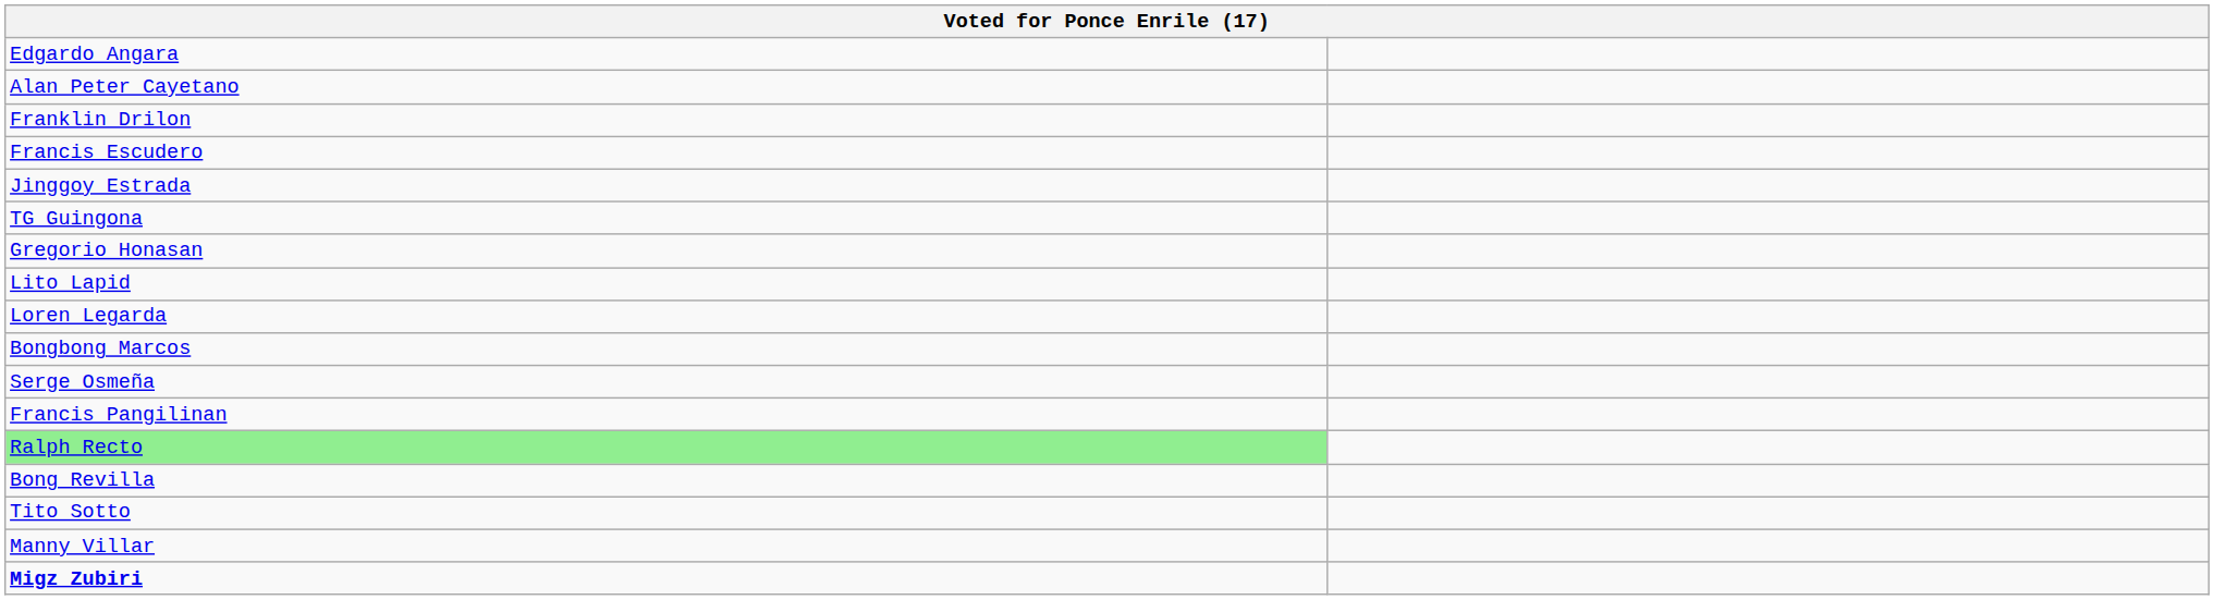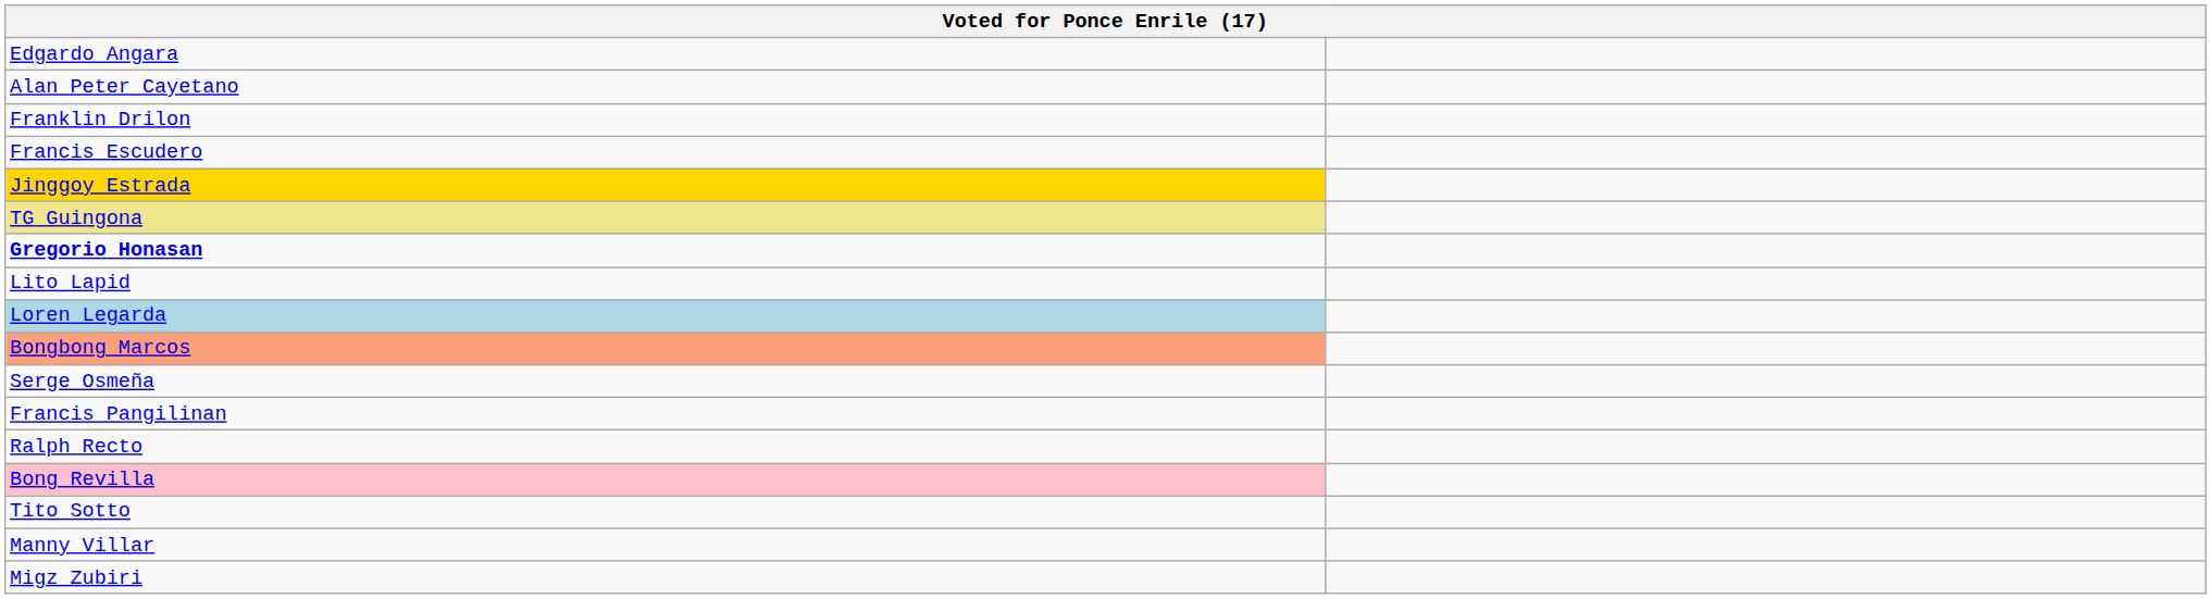 <table class=wikitable width=90%>
 <tr>
 <th colspan=3>Voted for Ponce Enrile (17)</th>
 </tr>
 <tr>
 <td width=60%><a href='#'>Edgardo Angara</a></td>
 <td></td>
 </tr>
 <tr>
 <td><a href='#'>Alan Peter Cayetano</a></td>
 <td></td>
 </tr>
 <tr>
 <td><a href='#'>Franklin Drilon</a></td>
 <td></td>
 </tr>
 <tr>
 <td><a href='#'>Francis Escudero</a></td>
 <td></td>
 </tr>
 <tr>
-<td><a href='#'>Jinggoy Estrada</a></td>
+<td style="background: gold;"><a href='#'>Jinggoy Estrada</a></td>
 <td></td>
 </tr>
 <tr>
-<td><a href='#'>TG Guingona</a></td>
+<td style="background: khaki;"><a href='#'>TG Guingona</a></td>
 <td></td>
 </tr>
 <tr>
-<td><a href='#'>Gregorio Honasan</a></td>
+<td><strong><a href='#'>Gregorio Honasan</a></strong></td>
 <td></td>
 </tr>
 <tr>
 <td><a href='#'>Lito Lapid</a></td>
 <td></td>
 </tr>
 <tr>
-<td><a href='#'>Loren Legarda</a></td>
+<td style="background: lightblue;"><a href='#'>Loren Legarda</a></td>
 <td></td>
 </tr>
 <tr>
-<td><a href='#'>Bongbong Marcos</a></td>
+<td style="background: lightsalmon;"><a href='#'>Bongbong Marcos</a></td>
 <td></td>
 </tr>
 <tr>
 <td><a href='#'>Serge Osmeña</a></td>
 <td></td>
 </tr>
 <tr>
 <td><a href='#'>Francis Pangilinan</a></td>
 <td></td>
 </tr>
 <tr>
-<td style="background: lightgreen;"><a href='#'>Ralph Recto</a></td>
+<td><a href='#'>Ralph Recto</a></td>
 <td></td>
 </tr>
 <tr>
-<td><a href='#'>Bong Revilla</a></td>
+<td style="background: pink;"><a href='#'>Bong Revilla</a></td>
 <td></td>
 </tr>
 <tr>
 <td><a href='#'>Tito Sotto</a></td>
 <td></td>
 </tr>
 <tr>
 <td><a href='#'>Manny Villar</a></td>
 <td></td>
 </tr>
 <tr>
-<td><strong><a href='#'>Migz Zubiri</a></strong></td>
+<td><a href='#'>Migz Zubiri</a></td>
 <td></td>
 </tr>
 </table>
